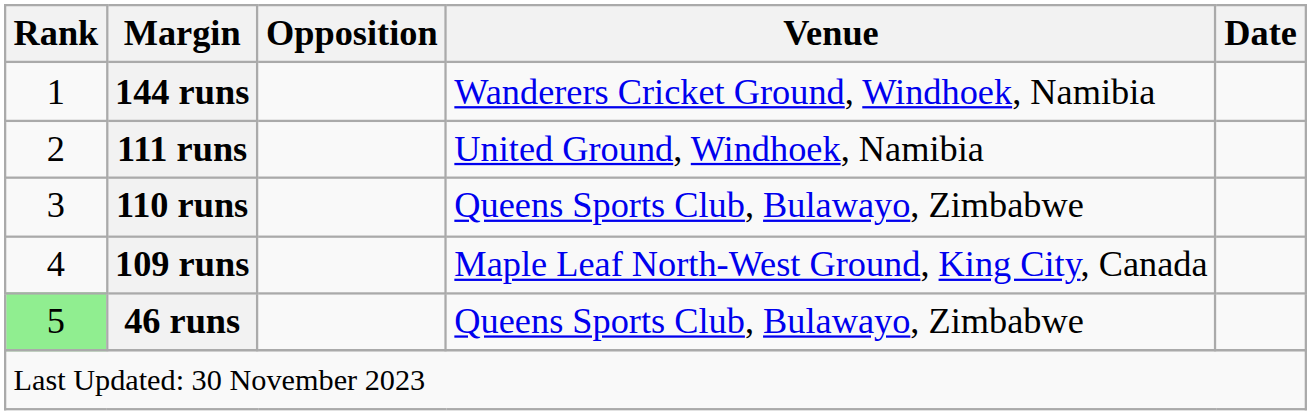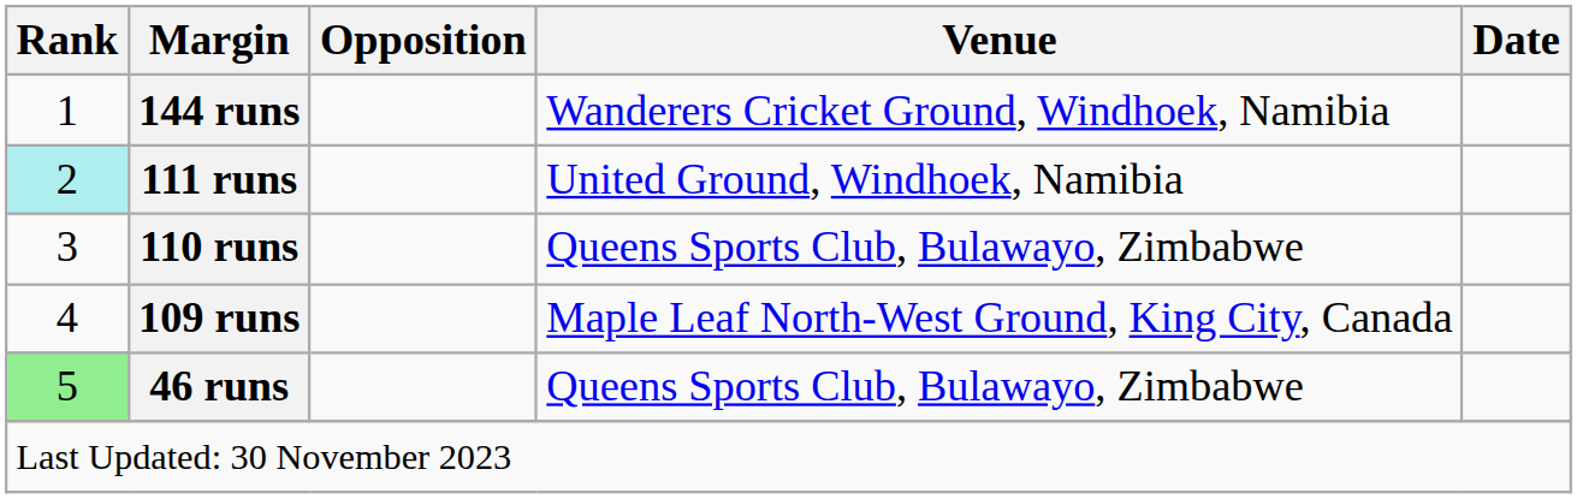 <table class="wikitable sortable">
 <tr>
 <th scope=col>Rank</th>
 <th scope=col>Margin</th>
 <th scope=col>Opposition</th>
 <th scope=col>Venue</th>
 <th scope=col>Date</th>
 </tr>
 <tr>
 <td align=center>1</td>
 <th scope=row style=text-align:center;>144 runs</th>
 <td></td>
 <td><a href='#'>Wanderers Cricket Ground</a>, <a href='#'>Windhoek</a>, Namibia</td>
 <td></td>
 </tr>
 <tr>
-<td align=center>2</td>
+<td align=center style="background: paleturquoise;">2</td>
 <th scope=row style=text-align:center;>111 runs</th>
 <td></td>
 <td><a href='#'>United Ground</a>, <a href='#'>Windhoek</a>, Namibia</td>
 <td></td>
 </tr>
 <tr>
 <td align=center>3</td>
 <th scope=row style=text-align:center;>110 runs</th>
 <td></td>
 <td><a href='#'>Queens Sports Club</a>, <a href='#'>Bulawayo</a>, Zimbabwe</td>
 <td></td>
 </tr>
 <tr>
 <td align=center>4</td>
 <th scope=row style=text-align:center;>109 runs</th>
 <td></td>
 <td><a href='#'>Maple Leaf North-West Ground</a>, <a href='#'>King City</a>, Canada</td>
 <td></td>
 </tr>
 <tr>
 <td align=center style="background: lightgreen;">5</td>
 <th scope=row style=text-align:center;>46 runs</th>
 <td></td>
 <td><a href='#'>Queens Sports Club</a>, <a href='#'>Bulawayo</a>, Zimbabwe</td>
 <td></td>
 </tr>
 <tr>
 </tr>
 <tr class=sortbottom>
 <td colspan=6><small>Last Updated: 30 November 2023</small></td>
 </tr>
 </table>
